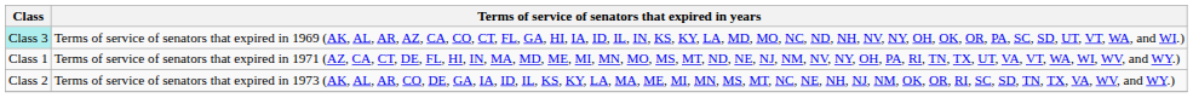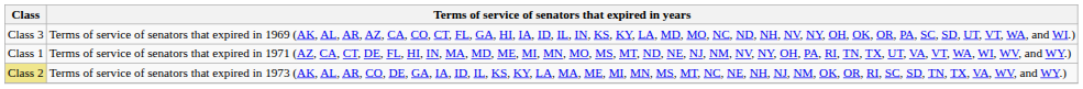 <table class="wikitable sortable">
 <tr valign=bottom>
 <th>Class</th>
 <th>Terms of service of senators that expired in years</th>
 </tr>
 <tr>
-<td style="background: paleturquoise;">Class 3</td>
+<td>Class 3</td>
 <td>Terms of service of senators that expired in 1969 (<a href='#'>AK</a>, <a href='#'>AL</a>, <a href='#'>AR</a>, <a href='#'>AZ</a>, <a href='#'>CA</a>, <a href='#'>CO</a>, <a href='#'>CT</a>, <a href='#'>FL</a>, <a href='#'>GA</a>, <a href='#'>HI</a>, <a href='#'>IA</a>, <a href='#'>ID</a>, <a href='#'>IL</a>, <a href='#'>IN</a>,  <a href='#'>KS</a>, <a href='#'>KY</a>, <a href='#'>LA</a>, <a href='#'>MD</a>, <a href='#'>MO</a>, <a href='#'>NC</a>, <a href='#'>ND</a>, <a href='#'>NH</a>, <a href='#'>NV</a>, <a href='#'>NY</a>, <a href='#'>OH</a>, <a href='#'>OK</a>, <a href='#'>OR</a>, <a href='#'>PA</a>, <a href='#'>SC</a>, <a href='#'>SD</a>, <a href='#'>UT</a>, <a href='#'>VT</a>, <a href='#'>WA</a>, and <a href='#'>WI</a>.)</td>
 </tr>
 <tr>
 <td>Class 1</td>
 <td>Terms of service of senators that expired in 1971 (<a href='#'>AZ</a>, <a href='#'>CA</a>, <a href='#'>CT</a>, <a href='#'>DE</a>, <a href='#'>FL</a>, <a href='#'>HI</a>, <a href='#'>IN</a>, <a href='#'>MA</a>, <a href='#'>MD</a>, <a href='#'>ME</a>, <a href='#'>MI</a>, <a href='#'>MN</a>, <a href='#'>MO</a>, <a href='#'>MS</a>, <a href='#'>MT</a>, <a href='#'>ND</a>, <a href='#'>NE</a>, <a href='#'>NJ</a>, <a href='#'>NM</a>, <a href='#'>NV</a>, <a href='#'>NY</a>, <a href='#'>OH</a>, <a href='#'>PA</a>, <a href='#'>RI</a>, <a href='#'>TN</a>, <a href='#'>TX</a>, <a href='#'>UT</a>, <a href='#'>VA</a>, <a href='#'>VT</a>, <a href='#'>WA</a>, <a href='#'>WI</a>, <a href='#'>WV</a>, and <a href='#'>WY</a>.)</td>
 </tr>
 <tr>
-<td>Class 2</td>
+<td style="background: khaki;">Class 2</td>
 <td>Terms of service of senators that expired in 1973 (<a href='#'>AK</a>, <a href='#'>AL</a>, <a href='#'>AR</a>, <a href='#'>CO</a>, <a href='#'>DE</a>, <a href='#'>GA</a>, <a href='#'>IA</a>, <a href='#'>ID</a>, <a href='#'>IL</a>, <a href='#'>KS</a>, <a href='#'>KY</a>, <a href='#'>LA</a>, <a href='#'>MA</a>, <a href='#'>ME</a>, <a href='#'>MI</a>, <a href='#'>MN</a>, <a href='#'>MS</a>, <a href='#'>MT</a>, <a href='#'>NC</a>, <a href='#'>NE</a>, <a href='#'>NH</a>, <a href='#'>NJ</a>, <a href='#'>NM</a>, <a href='#'>OK</a>, <a href='#'>OR</a>, <a href='#'>RI</a>, <a href='#'>SC</a>, <a href='#'>SD</a>, <a href='#'>TN</a>, <a href='#'>TX</a>, <a href='#'>VA</a>, <a href='#'>WV</a>, and <a href='#'>WY</a>.)</td>
 </tr>
 <tr>
 </tr>
 </table>
